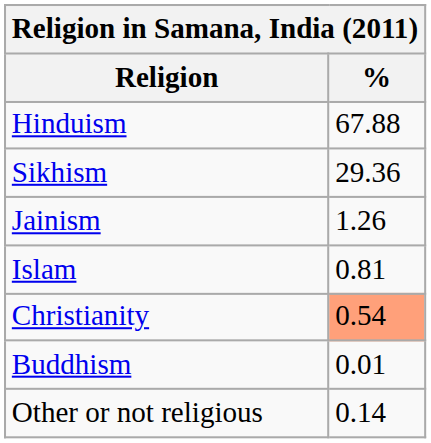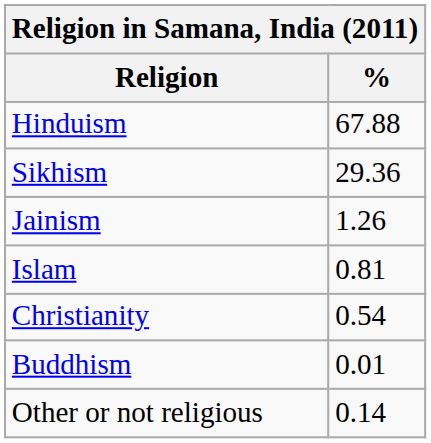 <table class="wikitable collapsible sortable floatright" style="font-size: 90%; ">
 <tr>
 <th style="text-align:center;" colspan="2">Religion in Samana, India (2011)</th>
 </tr>
 <tr>
 <th>Religion</th>
 <th>%</th>
 </tr>
 <tr>
 <td><a href='#'>Hinduism</a></td>
 <td>67.88</td>
 </tr>
 <tr>
 <td><a href='#'>Sikhism</a></td>
 <td>29.36</td>
 </tr>
 <tr>
 <td><a href='#'>Jainism</a></td>
 <td>1.26</td>
 </tr>
 <tr>
 <td><a href='#'>Islam</a></td>
 <td>0.81</td>
 </tr>
 <tr>
 <td><a href='#'>Christianity</a></td>
-<td style="background: lightsalmon;">0.54</td>
+<td>0.54</td>
 </tr>
 <tr>
 <td><a href='#'>Buddhism</a></td>
 <td>0.01</td>
 </tr>
 <tr>
 <td>Other or not religious</td>
 <td>0.14</td>
 </tr>
 </table>
